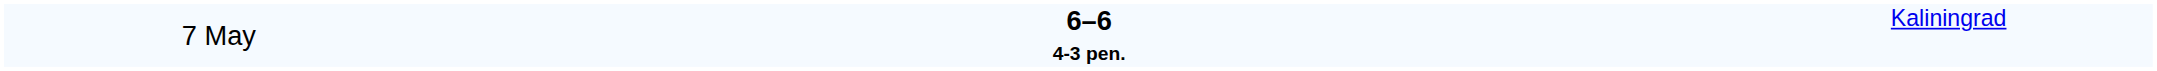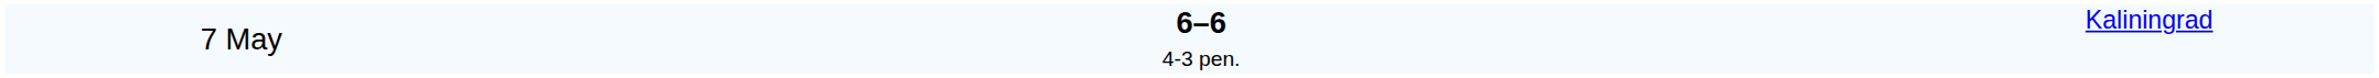 <table style="width: 100%; background:#F5FAFF;" cellspacing="0">
 <tr>
 <td align=center rowspan=3 width=20%>7 May</td>
 </tr>
 <tr>
 <td width=24% align=right></td>
 <td align=center width=13%><strong>6–6</strong></td>
 <td width=24%></td>
 <td style=font-size:85% rowspan=3 valign=top align=center><a href='#'>Kaliningrad</a></td>
 </tr>
 <tr style=font-size:85%>
 <td align=right valign=top></td>
-<td align=center><strong><small>4-3 pen.</small></strong></td>
+<td align=center><small>4-3 pen.</small></td>
 <td></td>
 </tr>
 </table>
